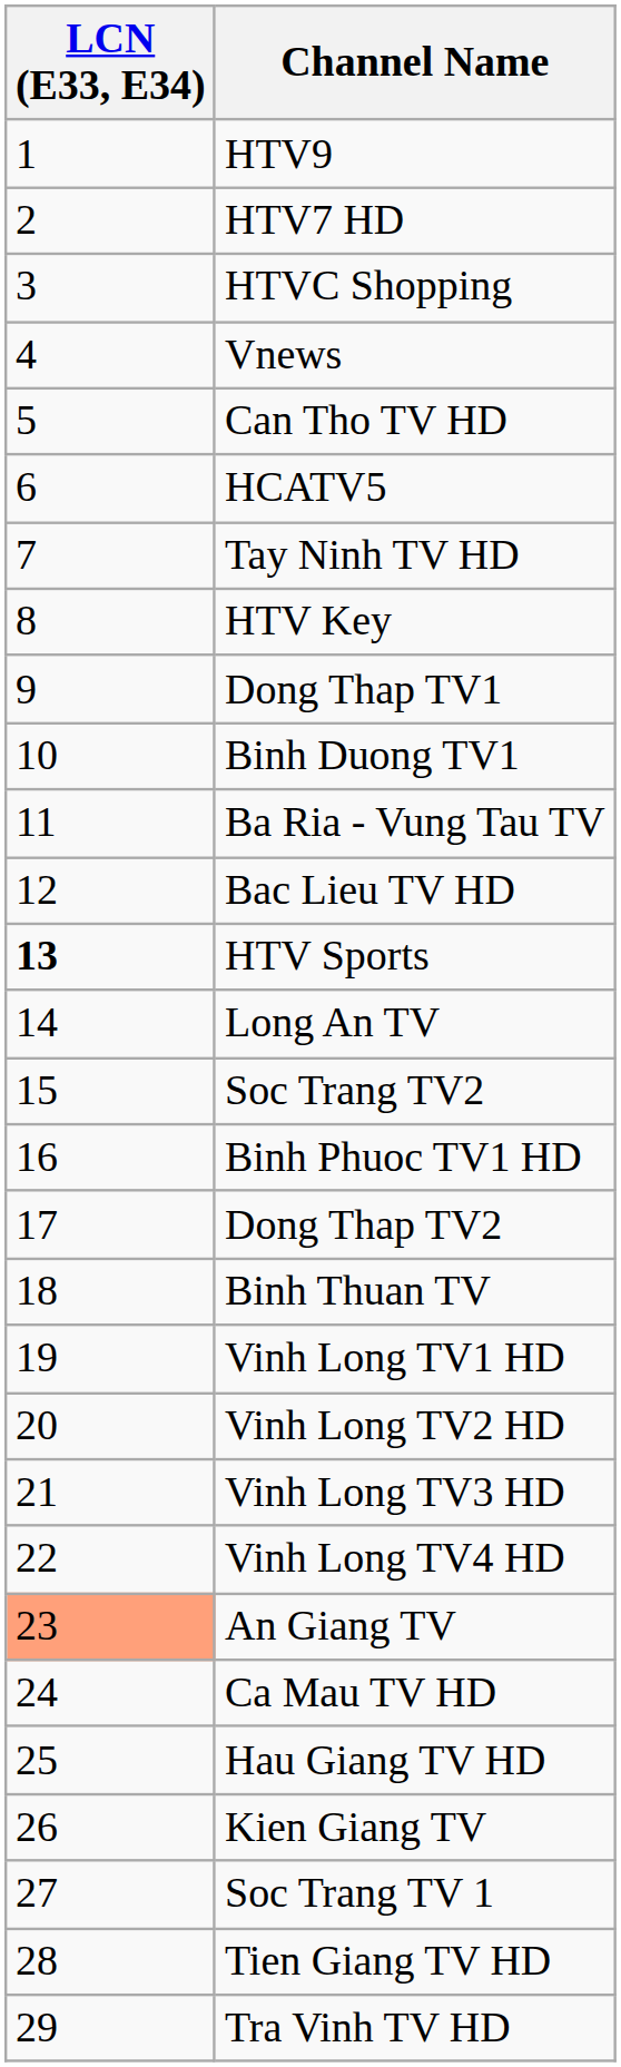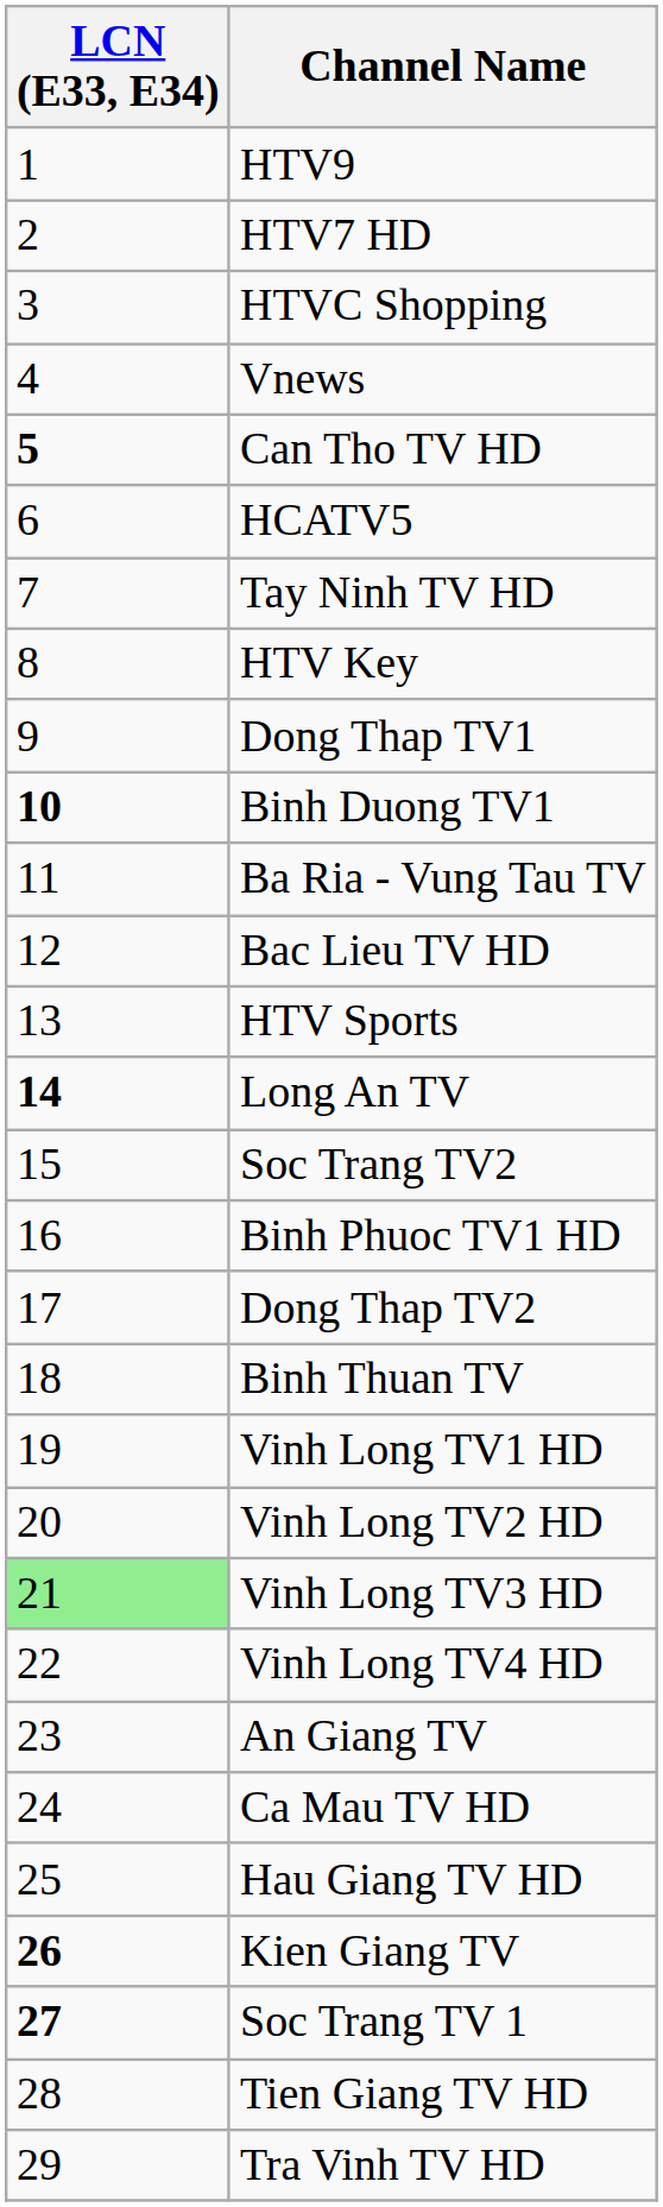 <table class=wikitable>
 <tr>
 <th><a href='#'>LCN</a> <br>(E33, E34)</th>
 <th>Channel Name</th>
 </tr>
 <tr>
 <td>1</td>
 <td>HTV9</td>
 </tr>
 <tr>
 <td>2</td>
 <td>HTV7 HD</td>
 </tr>
 <tr>
 <td>3</td>
 <td>HTVC Shopping</td>
 </tr>
 <tr>
 <td>4</td>
 <td>Vnews</td>
 </tr>
 <tr>
-<td>5</td>
+<td><strong>5</strong></td>
 <td>Can Tho TV HD</td>
 </tr>
 <tr>
 <td>6</td>
 <td>HCATV5</td>
 </tr>
 <tr>
 <td>7</td>
 <td>Tay Ninh TV HD</td>
 </tr>
 <tr>
 <td>8</td>
 <td>HTV Key</td>
 </tr>
 <tr>
 <td>9</td>
 <td>Dong Thap TV1</td>
 </tr>
 <tr>
-<td>10</td>
+<td><strong>10</strong></td>
 <td>Binh Duong TV1</td>
 </tr>
 <tr>
 <td>11</td>
 <td>Ba Ria - Vung Tau TV</td>
 </tr>
 <tr>
 <td>12</td>
 <td>Bac Lieu TV HD</td>
 </tr>
 <tr>
-<td><strong>13</strong></td>
+<td>13</td>
 <td>HTV Sports</td>
 </tr>
 <tr>
-<td>14</td>
+<td><strong>14</strong></td>
 <td>Long An TV</td>
 </tr>
 <tr>
 <td>15</td>
 <td>Soc Trang TV2</td>
 </tr>
 <tr>
 <td>16</td>
 <td>Binh Phuoc TV1 HD</td>
 </tr>
 <tr>
 <td>17</td>
 <td>Dong Thap TV2</td>
 </tr>
 <tr>
 <td>18</td>
 <td>Binh Thuan TV</td>
 </tr>
 <tr>
 <td>19</td>
 <td>Vinh Long TV1 HD</td>
 </tr>
 <tr>
 <td>20</td>
 <td>Vinh Long TV2 HD</td>
 </tr>
 <tr>
-<td>21</td>
+<td style="background: lightgreen;">21</td>
 <td>Vinh Long TV3 HD</td>
 </tr>
 <tr>
 <td>22</td>
 <td>Vinh Long TV4 HD</td>
 </tr>
 <tr>
-<td style="background: lightsalmon;">23</td>
+<td>23</td>
 <td>An Giang TV</td>
 </tr>
 <tr>
 <td>24</td>
 <td>Ca Mau TV HD</td>
 </tr>
 <tr>
 <td>25</td>
 <td>Hau Giang TV HD</td>
 </tr>
 <tr>
-<td>26</td>
+<td><strong>26</strong></td>
 <td>Kien Giang TV</td>
 </tr>
 <tr>
-<td>27</td>
+<td><strong>27</strong></td>
 <td>Soc Trang TV 1</td>
 </tr>
 <tr>
 <td>28</td>
 <td>Tien Giang TV HD</td>
 </tr>
 <tr>
 <td>29</td>
 <td>Tra Vinh TV HD</td>
 </tr>
 </table>
